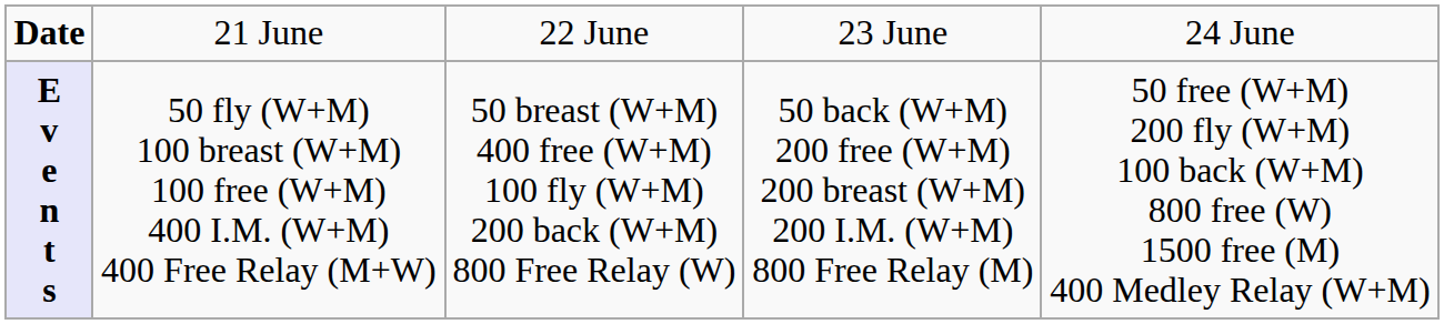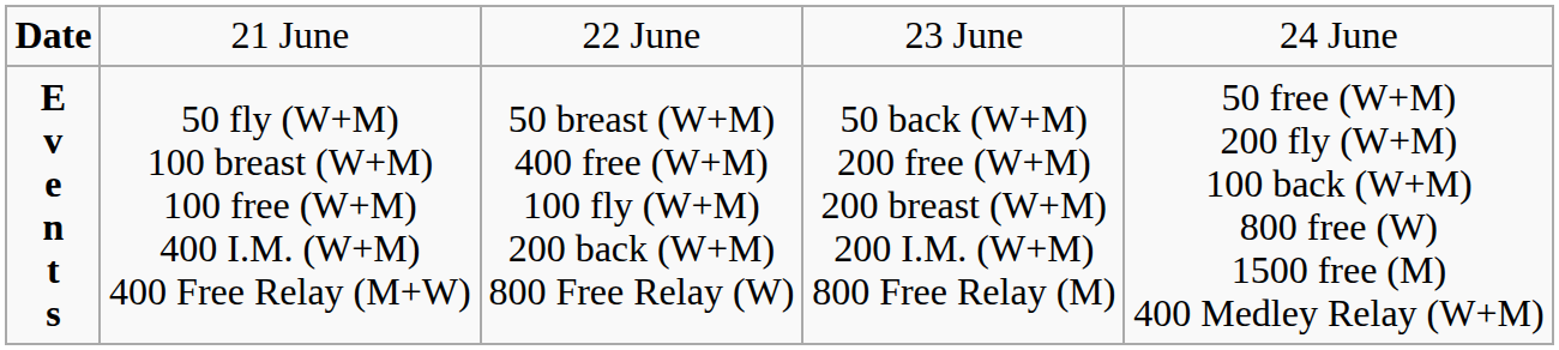 <table class=wikitable style="text-align:center">
 <tr>
 <td><strong>Date</strong></td>
 <td>21 June</td>
 <td>22 June</td>
 <td>23 June</td>
 <td>24 June</td>
 </tr>
 <tr>
-<td style="background: lavender;"><strong>E<br>v<br>e<br>n<br>t<br>s</strong></td>
+<td><strong>E<br>v<br>e<br>n<br>t<br>s</strong></td>
 <td>50 fly (W+M) <br> 100 breast (W+M) <br> 100 free (W+M) <br> 400 I.M. (W+M) <br> 400 Free Relay (M+W)</td>
 <td>50 breast (W+M) <br> 400 free (W+M) <br> 100 fly (W+M) <br> 200 back (W+M) <br> 800 Free Relay (W)</td>
 <td>50 back (W+M) <br> 200 free (W+M) <br> 200 breast (W+M) <br> 200 I.M. (W+M) <br> 800 Free Relay (M)</td>
 <td>50 free (W+M) <br> 200 fly (W+M) <br> 100 back (W+M) <br> 800 free (W) <br> 1500 free (M) <br> 400 Medley Relay (W+M)</td>
 </tr>
 <tr>
 </tr>
 </table>
